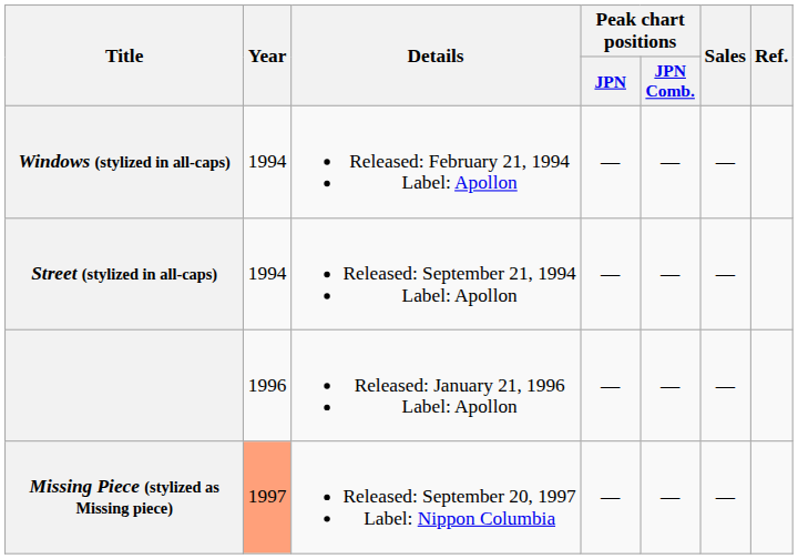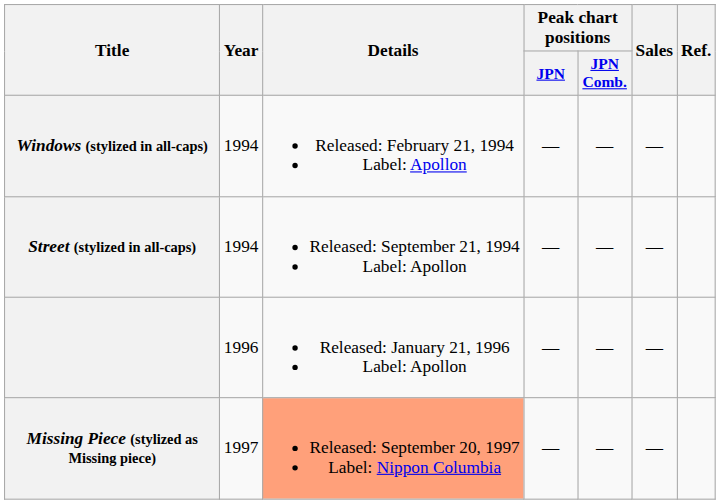 <table class="wikitable plainrowheaders" style="text-align:center;">
 <tr>
 <th scope="col" rowspan="2" style="width:12em;">Title</th>
 <th scope="col" rowspan="2">Year</th>
 <th scope="col" rowspan="2">Details</th>
 <th scope="col" colspan="2">Peak chart positions</th>
 <th scope="col" rowspan="2">Sales</th>
 <th scope="col" rowspan="2">Ref.</th>
 </tr>
 <tr>
 <th scope="col" style="width:3em;font-size:90%;"><a href='#'>JPN</a></th>
 <th scope="col" style="width:3em;font-size:90%;"><a href='#'>JPN<br>Comb.</a></th>
 </tr>
 <tr>
 <th scope="row"><em>Windows</em> <small>(stylized in all-caps)</small></th>
 <td>1994</td>
 <td><br><ul><li>Released: February 21, 1994</li><li>Label: <a href='#'>Apollon</a></li></ul></td>
 <td>—</td>
 <td>—</td>
 <td>—</td>
 <td></td>
 </tr>
 <tr>
 <th scope="row"><em>Street</em> <small>(stylized in all-caps)</small></th>
 <td>1994</td>
 <td><br><ul><li>Released: September 21, 1994</li><li>Label: Apollon</li></ul></td>
 <td>—</td>
 <td>—</td>
 <td>—</td>
 <td></td>
 </tr>
 <tr>
 <th scope="row"></th>
 <td>1996</td>
 <td><br><ul><li>Released: January 21, 1996</li><li>Label: Apollon</li></ul></td>
 <td>—</td>
 <td>—</td>
 <td>—</td>
 <td></td>
 </tr>
 <tr>
 <th scope="row"><em>Missing Piece</em> <small>(stylized as Missing piece)</small></th>
-<td style="background: lightsalmon;">1997</td>
-<td><br><ul><li>Released: September 20, 1997</li><li>Label: <a href='#'>Nippon Columbia</a></li></ul></td>
+<td>1997</td>
+<td style="background: lightsalmon;"><br><ul><li>Released: September 20, 1997</li><li>Label: <a href='#'>Nippon Columbia</a></li></ul></td>
 <td>—</td>
 <td>—</td>
 <td>—</td>
 <td></td>
 </tr>
 </table>
